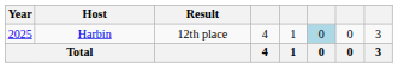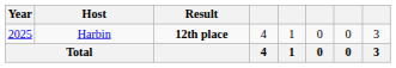 <table class="wikitable" style="text-align:center">
 <tr>
 <th width=30>Year</th>
 <th width=150>Host</th>
 <th width=120>Result</th>
 <th width=30></th>
 <th width=30></th>
 <th width=30></th>
 <th width=30></th>
 <th width=30></th>
 </tr>
 <tr>
 <td><a href='#'>2025</a></td>
 <td> <a href='#'>Harbin</a></td>
-<td>12th place</td>
+<td><strong>12th place</strong></td>
 <td>4</td>
 <td>1</td>
-<td style="background: lightblue;">0</td>
+<td>0</td>
 <td>0</td>
 <td>3</td>
 </tr>
 <tr>
 <th colspan=2>Total</th>
 <th></th>
 <th>4</th>
 <th>1</th>
 <th>0</th>
 <th>0</th>
 <th>3</th>
 </tr>
 </table>
